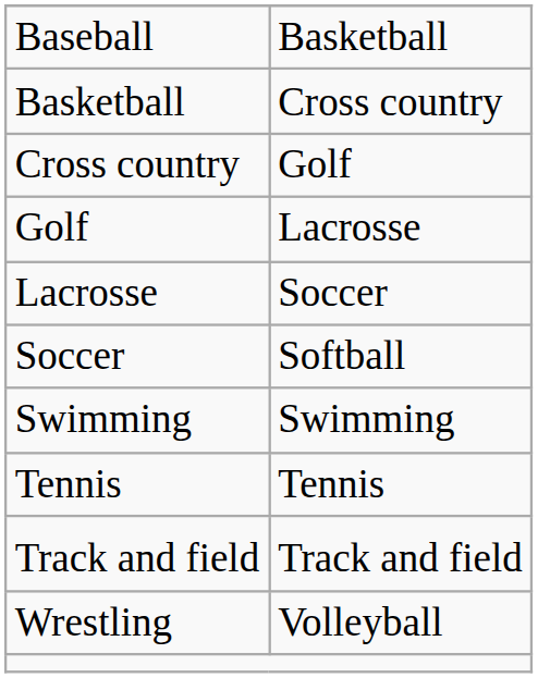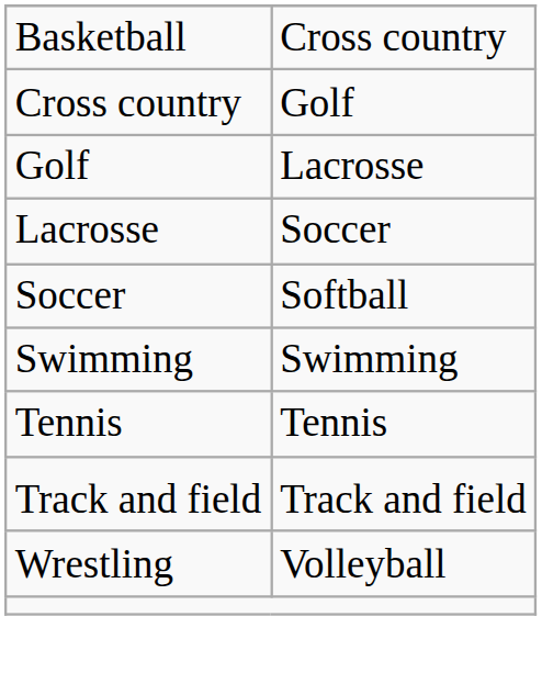 <table class="wikitable" style=" ">
 <tr>
-</tr>
-<tr>
-<td>Baseball</td>
-<td>Basketball</td>
 </tr>
 <tr>
 <td>Basketball</td>
 <td>Cross country</td>
 </tr>
 <tr>
 <td>Cross country</td>
 <td>Golf</td>
 </tr>
 <tr>
 <td>Golf</td>
 <td>Lacrosse</td>
 </tr>
 <tr>
 <td>Lacrosse</td>
 <td>Soccer</td>
 </tr>
 <tr>
 <td>Soccer</td>
 <td>Softball</td>
 </tr>
 <tr>
 <td>Swimming</td>
 <td>Swimming</td>
 </tr>
 <tr>
 <td>Tennis</td>
 <td>Tennis</td>
 </tr>
 <tr>
 <td>Track and field<sup></sup></td>
 <td>Track and field<sup></sup></td>
 </tr>
 <tr>
 <td>Wrestling</td>
 <td>Volleyball</td>
 </tr>
 <tr>
 <td colspan="2"></td>
 </tr>
 </table>
